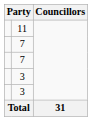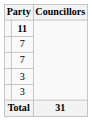 <table class="wikitable">
 <tr>
 <th colspan=2>Party</th>
 <th>Councillors</th>
 </tr>
 <tr>
 <td></td>
-<td align=center>11</td>
+<td align=center><strong>11</strong></td>
 </tr>
 <tr>
 <td></td>
 <td align=center>7</td>
 </tr>
 <tr>
 <td></td>
 <td align=center>7</td>
 </tr>
 <tr>
 <td></td>
 <td align=center>3</td>
 </tr>
 <tr>
 <td></td>
 <td align=center>3</td>
 </tr>
 <tr>
 <th colspan=2>Total</th>
 <th align=center>31</th>
 </tr>
 </table>
